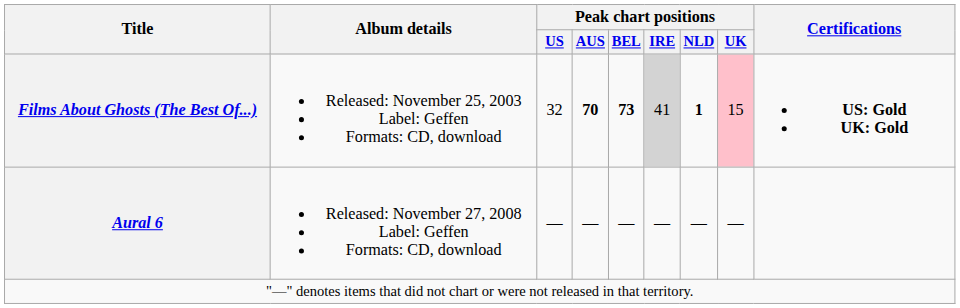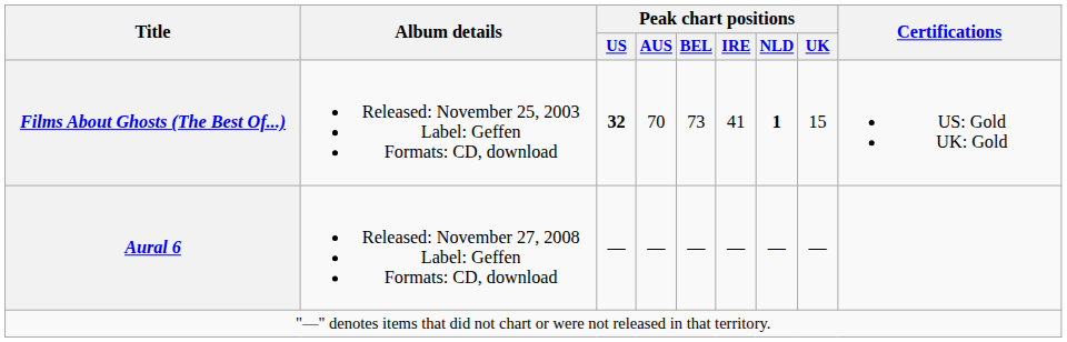 <table class="wikitable plainrowheaders" style="text-align:center;">
 <tr>
 <th scope="col" rowspan="2" style="width:16em;">Title</th>
 <th scope="col" rowspan="2" style="width:16em;">Album details</th>
 <th scope="col" colspan="6">Peak chart positions</th>
 <th rowspan="2" style="width:12em;"><a href='#'>Certifications</a></th>
 </tr>
 <tr>
 <th style="width:2em;font-size:90%;"><a href='#'>US</a><br></th>
 <th style="width:2em;font-size:90%;"><a href='#'>AUS</a><br></th>
 <th style="width:2em;font-size:90%;"><a href='#'>BEL</a><br></th>
 <th style="width:2em;font-size:90%;"><a href='#'>IRE</a><br></th>
 <th style="width:2em;font-size:90%;"><a href='#'>NLD</a><br></th>
 <th style="width:2em;font-size:90%;"><a href='#'>UK</a><br></th>
 </tr>
 <tr>
 <th scope="row"><em><a href='#'>Films About Ghosts (The Best Of...)</a></em></th>
 <td><br><ul><li>Released: November 25, 2003</li><li>Label: Geffen</li><li>Formats: CD, download</li></ul></td>
-<td>32</td>
-<td><strong>70</strong></td>
-<td><strong>73</strong></td>
-<td style="background: lightgrey;">41</td>
+<td><strong>32</strong></td>
+<td>70</td>
+<td>73</td>
+<td>41</td>
 <td><strong>1</strong></td>
-<td style="background: pink;">15</td>
-<td><strong><br><ul><li>US: Gold</li><li>UK: Gold</li></ul></strong></td>
+<td>15</td>
+<td><br><ul><li>US: Gold</li><li>UK: Gold</li></ul></td>
 </tr>
 <tr>
 <th scope="row"><em><a href='#'>Aural 6</a></em></th>
 <td><br><ul><li>Released: November 27, 2008</li><li>Label: Geffen</li><li>Formats: CD, download</li></ul></td>
 <td>—</td>
 <td>—</td>
 <td>—</td>
 <td>—</td>
 <td>—</td>
 <td>—</td>
 <td></td>
 </tr>
 <tr>
 <td align="center" colspan="15" style="font-size:90%">"—" denotes items that did not chart or were not released in that territory.</td>
 </tr>
 </table>
